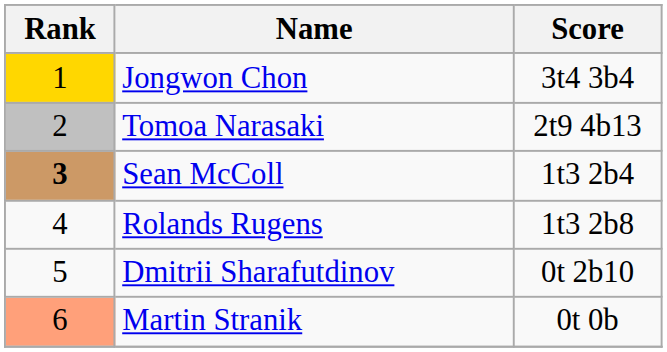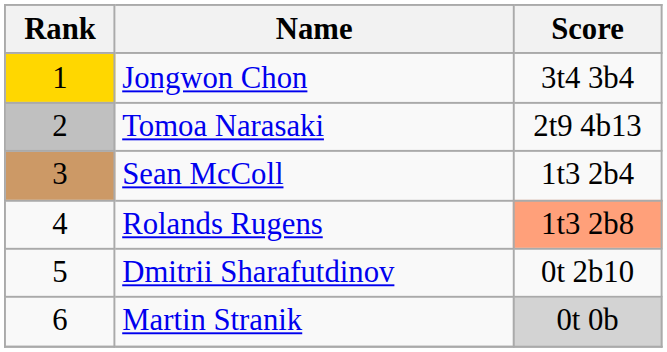 <table class="wikitable">
 <tr>
 <th width = "50">Rank</th>
 <th width = "200">Name</th>
 <th width = "70">Score</th>
 </tr>
 <tr>
 <td align="center" style="background: gold">1</td>
 <td> <a href='#'>Jongwon Chon</a></td>
 <td align="center">3t4 3b4</td>
 </tr>
 <tr>
 <td align="center" style="background: silver">2</td>
 <td> <a href='#'>Tomoa Narasaki</a></td>
 <td align="center">2t9 4b13</td>
 </tr>
 <tr>
-<td align="center" style="background: #cc9966"><strong>3</strong></td>
+<td align="center" style="background: #cc9966">3</td>
 <td> <a href='#'>Sean McColl</a></td>
 <td align="center">1t3 2b4</td>
 </tr>
 <tr>
 <td align="center">4</td>
 <td> <a href='#'>Rolands Rugens</a></td>
-<td align="center">1t3 2b8</td>
+<td align="center" style="background: lightsalmon;">1t3 2b8</td>
 </tr>
 <tr>
 <td align="center">5</td>
 <td> <a href='#'>Dmitrii Sharafutdinov</a></td>
 <td align="center">0t 2b10</td>
 </tr>
 <tr>
-<td align="center" style="background: lightsalmon;">6</td>
+<td align="center">6</td>
 <td> <a href='#'>Martin Stranik</a></td>
-<td align="center">0t 0b</td>
+<td align="center" style="background: lightgrey;">0t 0b</td>
 </tr>
 <tr>
 </tr>
 </table>
